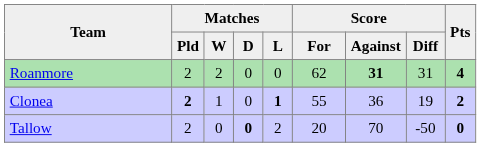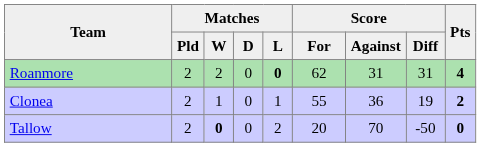 <table style=border-collapse:collapse border=1 cellspacing=0 cellpadding=5>
 <tr align=center bgcolor=#efefef>
 <th rowspan=2 width=165>Team</th>
 <th colspan=4>Matches</th>
 <th colspan=3>Score</th>
 <th rowspan=2width=20>Pts</th>
 </tr>
 <tr align=center bgcolor=#efefef>
 <th width=20>Pld</th>
 <th width=20>W</th>
 <th width=20>D</th>
 <th width=20>L</th>
 <th width=45>For</th>
 <th width=45>Against</th>
 <th width=30>Diff</th>
 </tr>
 <tr align=center  style="background:#ACE1AF;">
 <td style="text-align:left;"><a href='#'>Roanmore</a></td>
 <td>2</td>
 <td>2</td>
 <td>0</td>
-<td>0</td>
+<td><strong>0</strong></td>
 <td>62</td>
-<td><strong>31</strong></td>
+<td>31</td>
 <td>31</td>
 <td><strong>4</strong></td>
 </tr>
 <tr align=center  style="background:#ccccff;">
 <td style="text-align:left;"><a href='#'>Clonea</a></td>
-<td><strong>2</strong></td>
+<td>2</td>
 <td>1</td>
 <td>0</td>
-<td><strong>1</strong></td>
+<td>1</td>
 <td>55</td>
 <td>36</td>
 <td>19</td>
 <td><strong>2</strong></td>
 </tr>
 <tr align=center style="background:#ccccff;">
 <td style="text-align:left;"><a href='#'>Tallow</a></td>
 <td>2</td>
+<td><strong>0</strong></td>
 <td>0</td>
-<td><strong>0</strong></td>
 <td>2</td>
 <td>20</td>
 <td>70</td>
 <td>-50</td>
 <td><strong>0</strong></td>
 </tr>
 </table>
